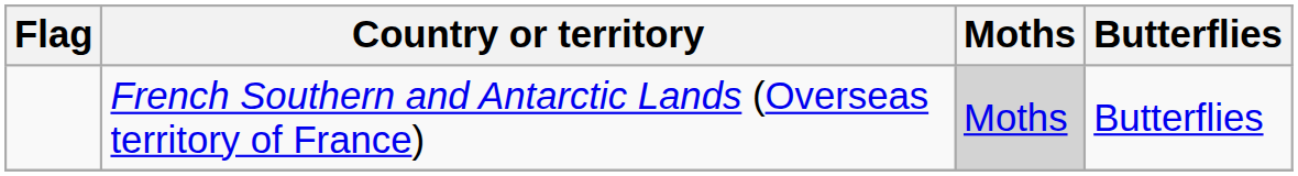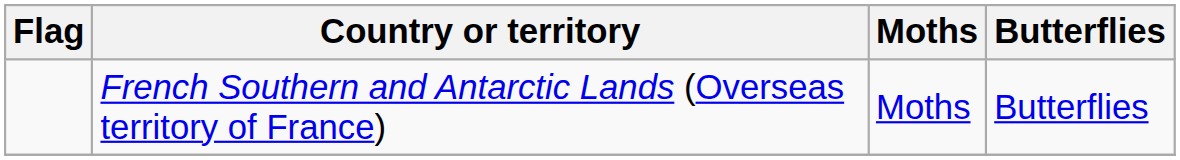 <table class="wikitable">
 <tr>
 <th>Flag</th>
 <th width=350>Country or territory</th>
 <th>Moths</th>
 <th>Butterflies</th>
 </tr>
 <tr>
 <td></td>
 <td><em><a href='#'>French Southern and Antarctic Lands</a></em> (<a href='#'>Overseas territory of France</a>)</td>
-<td style="background: lightgrey;"><a href='#'>Moths</a></td>
+<td><a href='#'>Moths</a></td>
 <td><a href='#'>Butterflies</a></td>
 </tr>
 <tr>
 </tr>
 </table>
